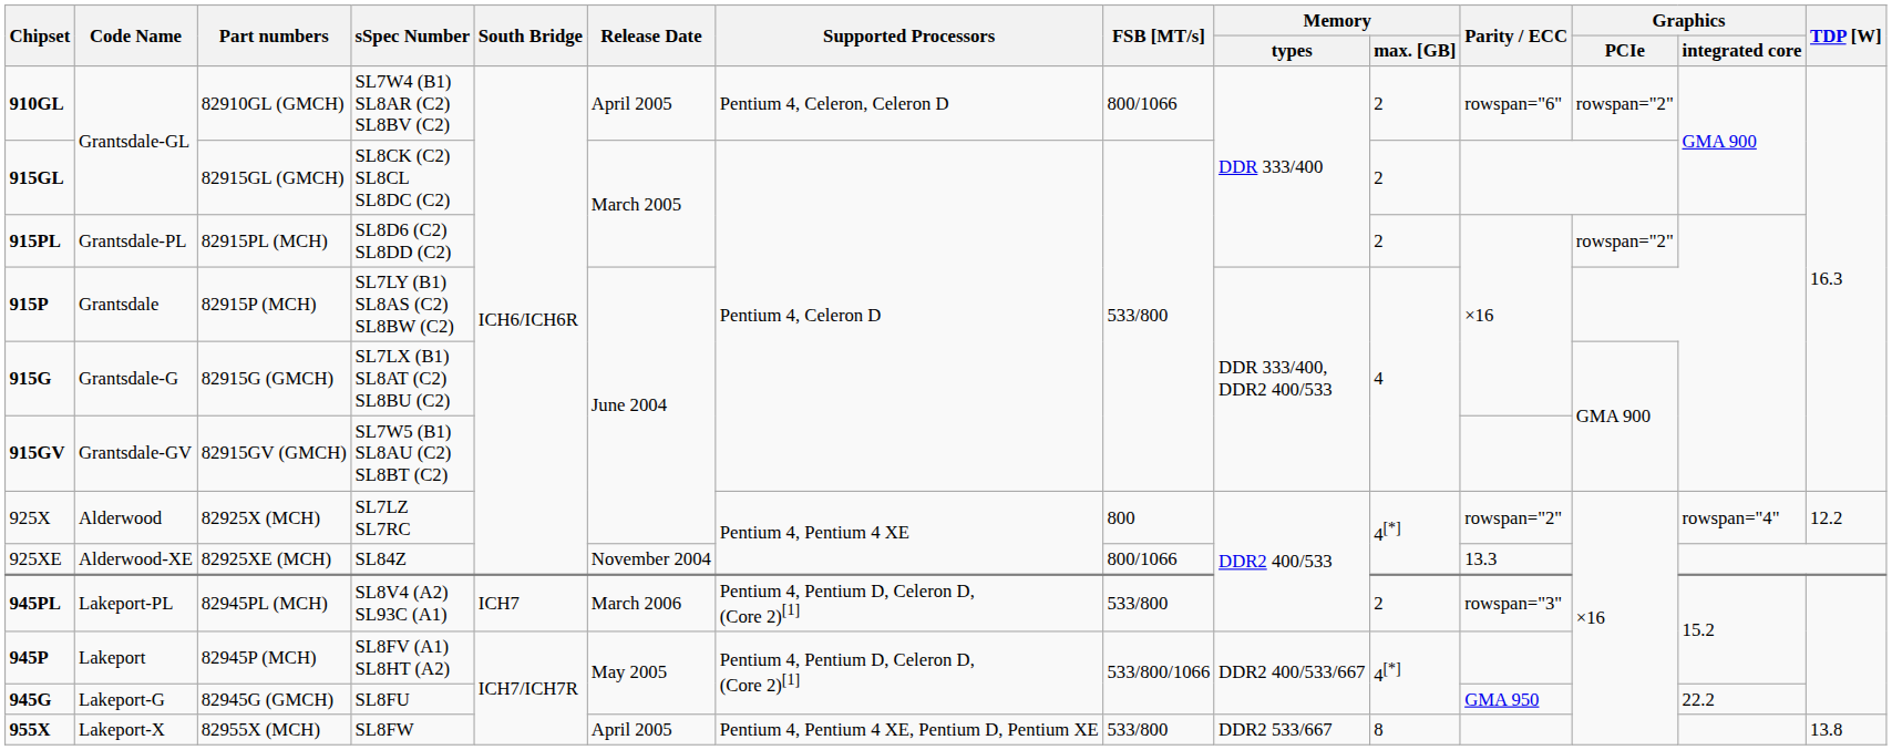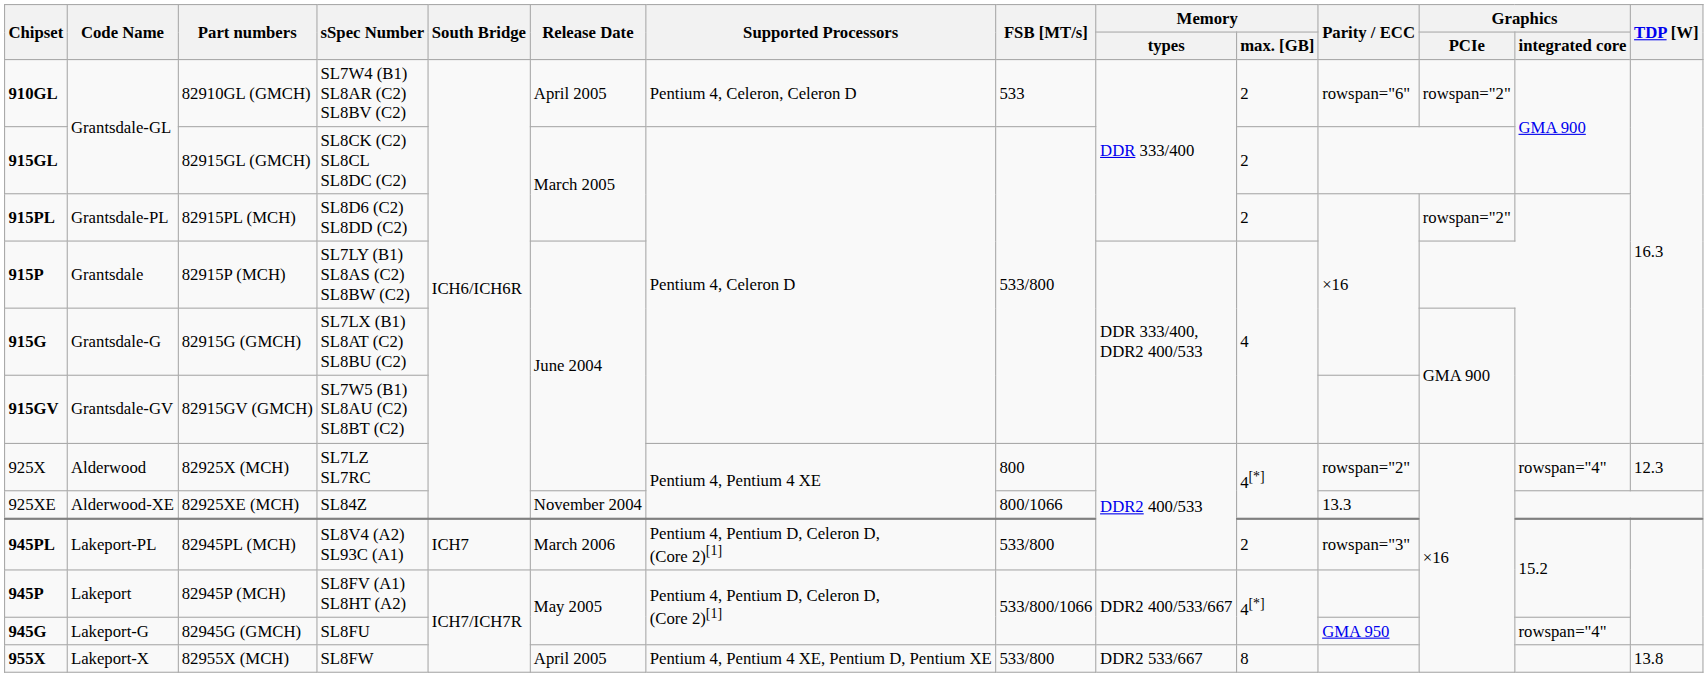 <table class="wikitable" style="font-size: 95%;">
 <tr>
 <th rowspan="2">Chipset</th>
 <th rowspan="2">Code Name</th>
 <th rowspan="2">Part numbers</th>
 <th rowspan="2">sSpec Number</th>
 <th rowspan="2">South Bridge</th>
 <th rowspan="2">Release Date</th>
 <th rowspan="2">Supported Processors</th>
 <th rowspan="2">FSB [MT/s]</th>
 <th colspan="2">Memory</th>
 <th rowspan="2">Parity / ECC</th>
 <th colspan="2">Graphics</th>
 <th rowspan="2"><a href='#'>TDP</a> [W]</th>
 </tr>
 <tr>
 <th>types</th>
 <th>max. [GB]</th>
 <th>PCIe</th>
 <th>integrated core</th>
 </tr>
 <tr>
 <td><strong>910GL</strong></td>
 <td rowspan="2">Grantsdale-GL</td>
 <td>82910GL (GMCH)</td>
 <td>SL7W4 (B1)<br>SL8AR (C2)<br>SL8BV (C2)</td>
 <td rowspan="8">ICH6/ICH6R</td>
 <td>April 2005</td>
 <td>Pentium 4, Celeron, Celeron D</td>
-<td>800/1066</td>
+<td>533</td>
 <td rowspan="3"><a href='#'>DDR</a> 333/400</td>
 <td>2</td>
 <td>rowspan="6" </td>
 <td>rowspan="2" </td>
 <td rowspan="2"><a href='#'>GMA 900</a></td>
 <td rowspan="6">16.3</td>
 </tr>
 <tr>
 <td><strong>915GL</strong></td>
 <td>82915GL (GMCH)</td>
 <td>SL8CK (C2)<br>SL8CL<br>SL8DC (C2)</td>
 <td rowspan="2">March 2005</td>
 <td rowspan="5">Pentium 4, Celeron D</td>
 <td rowspan="5">533/800</td>
 <td>2</td>
 </tr>
 <tr>
 <td><strong>915PL</strong></td>
 <td>Grantsdale-PL</td>
 <td>82915PL (MCH)</td>
 <td>SL8D6 (C2)<br>SL8DD (C2)</td>
 <td>2</td>
 <td rowspan="3">×16</td>
 <td>rowspan="2" </td>
 </tr>
 <tr>
 <td><strong>915P</strong></td>
 <td>Grantsdale</td>
 <td>82915P (MCH)</td>
 <td>SL7LY (B1)<br>SL8AS (C2)<br>SL8BW (C2)</td>
 <td rowspan="4">June 2004</td>
 <td rowspan="3">DDR 333/400,<br>DDR2 400/533</td>
 <td rowspan="3">4<br></td>
 </tr>
 <tr>
 <td><strong>915G</strong></td>
 <td>Grantsdale-G</td>
 <td>82915G (GMCH)</td>
 <td>SL7LX (B1)<br>SL8AT (C2)<br>SL8BU (C2)</td>
 <td rowspan="2">GMA 900</td>
 </tr>
 <tr>
 <td><strong>915GV</strong></td>
 <td>Grantsdale-GV</td>
 <td>82915GV (GMCH)</td>
 <td>SL7W5 (B1)<br>SL8AU (C2)<br>SL8BT (C2)</td>
 <td></td>
 </tr>
 <tr>
 <td>925X</td>
 <td>Alderwood</td>
 <td>82925X (MCH)</td>
 <td>SL7LZ<br>SL7RC</td>
 <td rowspan="2">Pentium 4, Pentium 4 XE</td>
 <td>800</td>
 <td rowspan="3"><a href='#'>DDR2</a> 400/533</td>
 <td rowspan="2">4<sup>[*]</sup></td>
 <td>rowspan="2" </td>
 <td rowspan="6">×16</td>
 <td>rowspan="4" </td>
-<td>12.2</td>
+<td>12.3</td>
 </tr>
 <tr>
 <td>925XE</td>
 <td>Alderwood-XE</td>
 <td>82925XE (MCH)</td>
 <td>SL84Z</td>
 <td>November 2004</td>
 <td>800/1066</td>
 <td>13.3</td>
 </tr>
 <tr style="border-top:2px solid gray;">
 <td><strong>945PL</strong></td>
 <td>Lakeport-PL</td>
 <td>82945PL (MCH)</td>
 <td>SL8V4 (A2)<br>SL93C (A1)</td>
 <td>ICH7</td>
 <td>March 2006</td>
 <td>Pentium 4, Pentium D, Celeron D,<br>(Core 2)<sup>[1]</sup></td>
 <td>533/800</td>
 <td>2</td>
 <td>rowspan="3" </td>
 <td rowspan="2">15.2</td>
 </tr>
 <tr>
 <td><strong>945P</strong></td>
 <td>Lakeport</td>
 <td>82945P (MCH)</td>
 <td>SL8FV (A1)<br>SL8HT (A2)</td>
 <td rowspan="3">ICH7/ICH7R</td>
 <td rowspan="2">May 2005</td>
 <td rowspan="2">Pentium 4, Pentium D, Celeron D,<br>(Core 2)<sup>[1]</sup></td>
 <td rowspan="2">533/800/1066</td>
 <td rowspan="2">DDR2 400/533/667</td>
 <td rowspan="2">4<sup>[*]</sup></td>
 </tr>
 <tr>
 <td><strong>945G</strong></td>
 <td>Lakeport-G</td>
 <td>82945G (GMCH)</td>
 <td>SL8FU</td>
 <td><a href='#'>GMA 950</a></td>
-<td>22.2</td>
+<td>rowspan="4" </td>
 </tr>
 <tr>
 <td><strong>955X</strong></td>
 <td>Lakeport-X</td>
 <td>82955X (MCH)</td>
 <td>SL8FW</td>
 <td>April 2005</td>
 <td>Pentium 4, Pentium 4 XE, Pentium D, Pentium XE</td>
 <td>533/800</td>
 <td>DDR2 533/667</td>
 <td>8</td>
 <td></td>
 <td></td>
 <td>13.8</td>
 </tr>
 </table>
